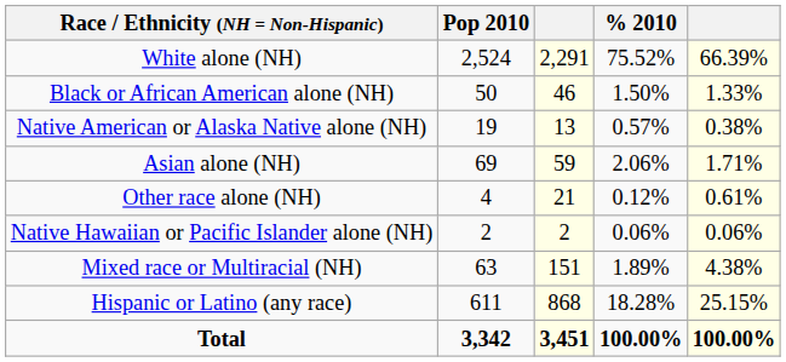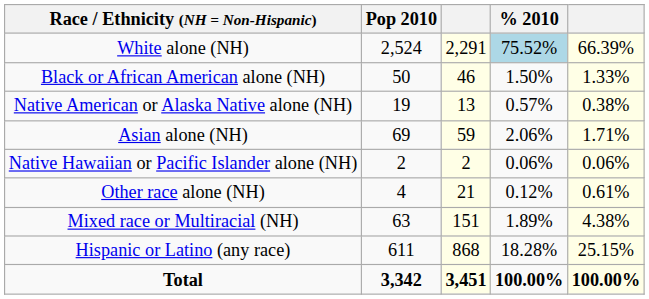 <table class="wikitable" style="text-align:center;">
 <tr>
 <th>Race / Ethnicity <small>(<em>NH = Non-Hispanic</em>)</small></th>
 <th>Pop 2010</th>
 <th></th>
 <th>% 2010</th>
 <th></th>
 </tr>
 <tr>
 <td><a href='#'>White</a> alone (NH)</td>
 <td>2,524</td>
 <td style='background: #ffffe6;'>2,291</td>
-<td>75.52%</td>
+<td style="background: lightblue;">75.52%</td>
 <td style='background: #ffffe6;'>66.39%</td>
 </tr>
 <tr>
 <td><a href='#'>Black or African American</a> alone (NH)</td>
 <td>50</td>
 <td style='background: #ffffe6;'>46</td>
 <td>1.50%</td>
 <td style='background: #ffffe6;'>1.33%</td>
 </tr>
 <tr>
 <td><a href='#'>Native American</a> or <a href='#'>Alaska Native</a> alone (NH)</td>
 <td>19</td>
 <td style='background: #ffffe6;'>13</td>
 <td>0.57%</td>
 <td style='background: #ffffe6;'>0.38%</td>
 </tr>
 <tr>
 <td><a href='#'>Asian</a> alone (NH)</td>
 <td>69</td>
 <td style='background: #ffffe6;'>59</td>
 <td>2.06%</td>
 <td style='background: #ffffe6;'>1.71%</td>
 </tr>
 <tr>
+<td><a href='#'>Native Hawaiian</a> or <a href='#'>Pacific Islander</a> alone (NH)</td>
+<td>2</td>
+<td style='background: #ffffe6;'>2</td>
+<td>0.06%</td>
+<td style='background: #ffffe6;'>0.06%</td>
+</tr>
+<tr>
 <td><a href='#'>Other race</a> alone (NH)</td>
 <td>4</td>
 <td style='background: #ffffe6;'>21</td>
 <td>0.12%</td>
 <td style='background: #ffffe6;'>0.61%</td>
-</tr>
-<tr>
-<td><a href='#'>Native Hawaiian</a> or <a href='#'>Pacific Islander</a> alone (NH)</td>
-<td>2</td>
-<td style='background: #ffffe6;'>2</td>
-<td>0.06%</td>
-<td style='background: #ffffe6;'>0.06%</td>
 </tr>
 <tr>
 <td><a href='#'>Mixed race or Multiracial</a> (NH)</td>
 <td>63</td>
 <td style='background: #ffffe6;'>151</td>
 <td>1.89%</td>
 <td style='background: #ffffe6;'>4.38%</td>
 </tr>
 <tr>
 <td><a href='#'>Hispanic or Latino</a> (any race)</td>
 <td>611</td>
 <td style='background: #ffffe6;'>868</td>
 <td>18.28%</td>
 <td style='background: #ffffe6;'>25.15%</td>
 </tr>
 <tr>
 <td><strong>Total</strong></td>
 <td><strong>3,342</strong></td>
 <td style='background: #ffffe6;'><strong>3,451</strong></td>
 <td><strong>100.00%</strong></td>
 <td style='background: #ffffe6;'><strong>100.00%</strong></td>
 </tr>
 </table>
